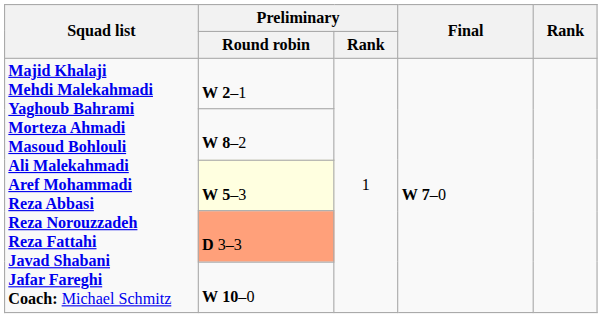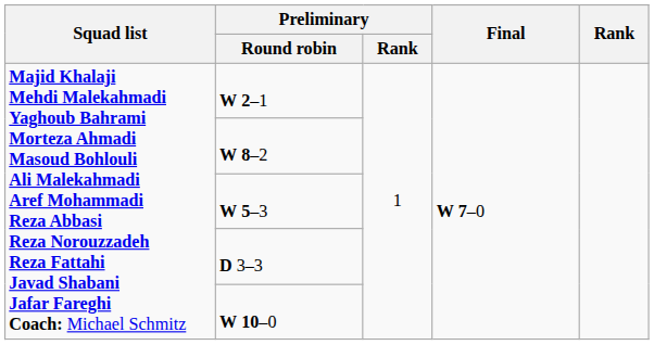 <table class="wikitable" width="60%" style="text-align:left; font-size:90%">
 <tr>
 <th rowspan="2" width="20%">Squad list</th>
 <th colspan="2">Preliminary</th>
 <th rowspan="2" width="14%">Final</th>
 <th rowspan="2" width="5%">Rank</th>
 </tr>
 <tr>
 <th width="14%">Round robin</th>
 <th width="5%">Rank</th>
 </tr>
 <tr>
 <td rowspan="5"><strong><a href='#'>Majid Khalaji</a><br><a href='#'>Mehdi Malekahmadi</a><br><a href='#'>Yaghoub Bahrami</a><br><a href='#'>Morteza Ahmadi</a><br><a href='#'>Masoud Bohlouli</a><br><a href='#'>Ali Malekahmadi</a><br><a href='#'>Aref Mohammadi</a><br><a href='#'>Reza Abbasi</a><br><a href='#'>Reza Norouzzadeh</a><br><a href='#'>Reza Fattahi</a><br><a href='#'>Javad Shabani</a><br><a href='#'>Jafar Fareghi</a><br>Coach:</strong>  <a href='#'>Michael Schmitz</a></td>
 <td><br><strong>W</strong> <strong>2</strong>–1</td>
 <td rowspan="5" align=center>1 <strong></strong></td>
 <td rowspan="5"><br><strong>W</strong> <strong>7</strong>–0</td>
 <td rowspan="5" align="center"></td>
 </tr>
 <tr>
 <td><br><strong>W</strong> <strong>8</strong>–2</td>
 </tr>
 <tr>
-<td style="background: lightyellow;"><br><strong>W</strong> <strong>5</strong>–3</td>
+<td><br><strong>W</strong> <strong>5</strong>–3</td>
 </tr>
 <tr>
-<td style="background: lightsalmon;"><br><strong>D</strong> 3–3</td>
+<td><br><strong>D</strong> 3–3</td>
 </tr>
 <tr>
 <td><br><strong>W</strong> <strong>10</strong>–0</td>
 </tr>
 </table>
